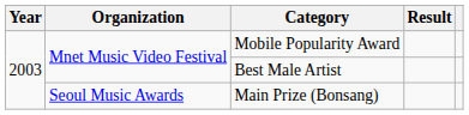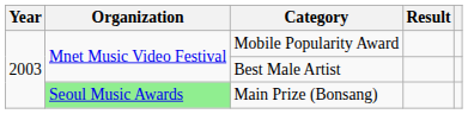 <table class="wikitable">
 <tr>
 <th>Year</th>
 <th>Organization</th>
 <th>Category</th>
 <th>Result</th>
 <th scope="col" class="unsortable"></th>
 </tr>
 <tr>
 <td rowspan="3">2003</td>
 <td rowspan="2"><a href='#'>Mnet Music Video Festival</a></td>
 <td>Mobile Popularity Award</td>
 <td></td>
 <td style="text-align:center"></td>
 </tr>
 <tr>
 <td>Best Male Artist</td>
 <td></td>
 <td style="text-align:center"></td>
 </tr>
 <tr>
-<td><a href='#'>Seoul Music Awards</a></td>
+<td style="background: lightgreen;"><a href='#'>Seoul Music Awards</a></td>
 <td>Main Prize (Bonsang)</td>
 <td></td>
 <td style="text-align:center"></td>
 </tr>
 </table>
